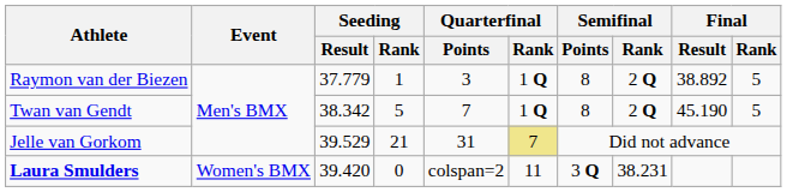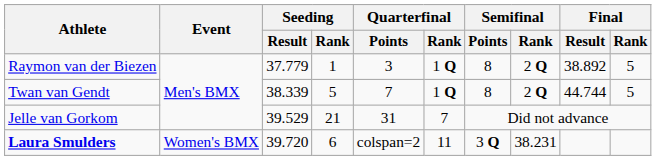 <table class="wikitable" style="font-size:90%">
 <tr>
 <th rowspan="2">Athlete</th>
 <th rowspan="2">Event</th>
 <th colspan="2">Seeding</th>
 <th colspan="2">Quarterfinal</th>
 <th colspan="2">Semifinal</th>
 <th colspan="2">Final</th>
 </tr>
 <tr style="font-size:95%">
 <th>Result</th>
 <th>Rank</th>
 <th>Points</th>
 <th>Rank</th>
 <th>Points</th>
 <th>Rank</th>
 <th>Result</th>
 <th>Rank</th>
 </tr>
 <tr align=center>
 <td align=left><a href='#'>Raymon van der Biezen</a></td>
 <td align=left rowspan=3><a href='#'>Men's BMX</a></td>
 <td>37.779</td>
 <td>1</td>
 <td>3</td>
 <td>1 <strong>Q</strong></td>
 <td>8</td>
 <td>2 <strong>Q</strong></td>
 <td>38.892</td>
 <td>5</td>
 </tr>
 <tr align=center>
 <td align=left><a href='#'>Twan van Gendt</a></td>
-<td>38.342</td>
+<td>38.339</td>
 <td>5</td>
 <td>7</td>
 <td>1 <strong>Q</strong></td>
 <td>8</td>
 <td>2 <strong>Q</strong></td>
-<td>45.190</td>
+<td>44.744</td>
 <td>5</td>
 </tr>
 <tr align=center>
 <td align=left><a href='#'>Jelle van Gorkom</a></td>
 <td>39.529</td>
 <td>21</td>
 <td>31</td>
-<td style="background: khaki;">7</td>
+<td>7</td>
 <td colspan=4>Did not advance</td>
 </tr>
 <tr align=center>
 <td align=left><strong><a href='#'>Laura Smulders</a></strong></td>
 <td align=left><a href='#'>Women's BMX</a></td>
-<td>39.420</td>
-<td>0</td>
+<td>39.720</td>
+<td>6</td>
 <td>colspan=2 </td>
 <td>11</td>
 <td>3 <strong>Q</strong></td>
 <td>38.231</td>
 <td></td>
 </tr>
 </table>
